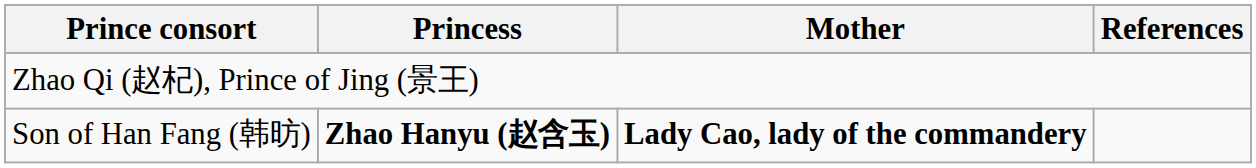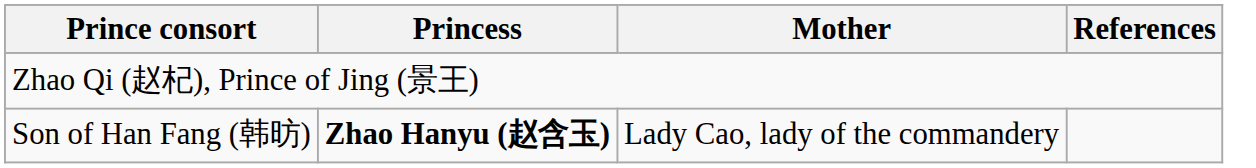 <table class="wikitable">
 <tr>
 <th>Prince consort</th>
 <th>Princess</th>
 <th>Mother</th>
 <th>References</th>
 </tr>
 <tr>
 <td colspan="4">Zhao Qi (赵杞), Prince of Jing (景王)</td>
 </tr>
 <tr>
 <td>Son of Han Fang (韩昉)</td>
 <td><strong>Zhao Hanyu (赵含玉)</strong></td>
-<td><strong>Lady Cao, lady of the commandery</strong></td>
+<td>Lady Cao, lady of the commandery</td>
 <td></td>
 </tr>
 </table>
